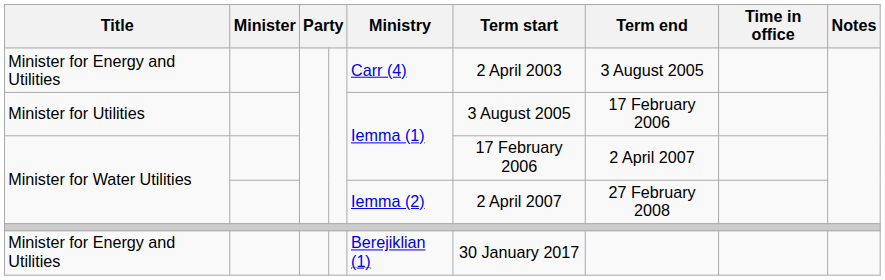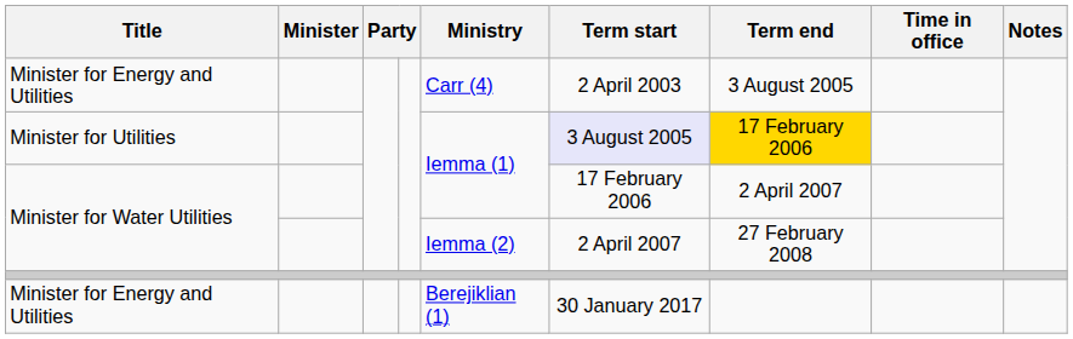 <table class="wikitable sortable">
 <tr>
 <th>Title</th>
 <th>Minister</th>
 <th colspan=2>Party</th>
 <th>Ministry</th>
 <th data-sort-type=date>Term start</th>
 <th data-sort-type=date>Term end</th>
 <th>Time in office</th>
 <th class="unsortable">Notes</th>
 </tr>
 <tr>
 <td>Minister for Energy and Utilities</td>
 <td></td>
 <td rowspan=4 > </td>
 <td rowspan=4></td>
 <td><a href='#'>Carr (4)</a></td>
 <td align=center>2 April 2003</td>
 <td align=center>3 August 2005</td>
 <td align=right></td>
 </tr>
 <tr>
 <td>Minister for Utilities</td>
 <td></td>
 <td rowspan="2"><a href='#'>Iemma (1)</a></td>
-<td align=center>3 August 2005</td>
-<td align=center>17 February 2006</td>
+<td align=center style="background: lavender;">3 August 2005</td>
+<td align=center style="background: gold;">17 February 2006</td>
 <td align=right></td>
 </tr>
 <tr>
 <td rowspan=2>Minister for Water Utilities</td>
 <td></td>
 <td align=center>17 February 2006</td>
 <td align=center>2 April 2007</td>
 <td align=right></td>
 </tr>
 <tr>
 <td></td>
 <td><a href='#'>Iemma (2)</a></td>
 <td align=center>2 April 2007</td>
 <td align=center>27 February 2008</td>
 <td align=right></td>
 </tr>
 <tr class="sortbottom">
 <th colspan=9 style="background: #cccccc;"></th>
 </tr>
 <tr>
 <td>Minister for Energy and Utilities</td>
 <td></td>
 <td> </td>
 <td></td>
 <td><a href='#'>Berejiklian (1)</a></td>
 <td align=center>30 January 2017</td>
 <td align=center></td>
 <td align=right></td>
 </tr>
 </table>
